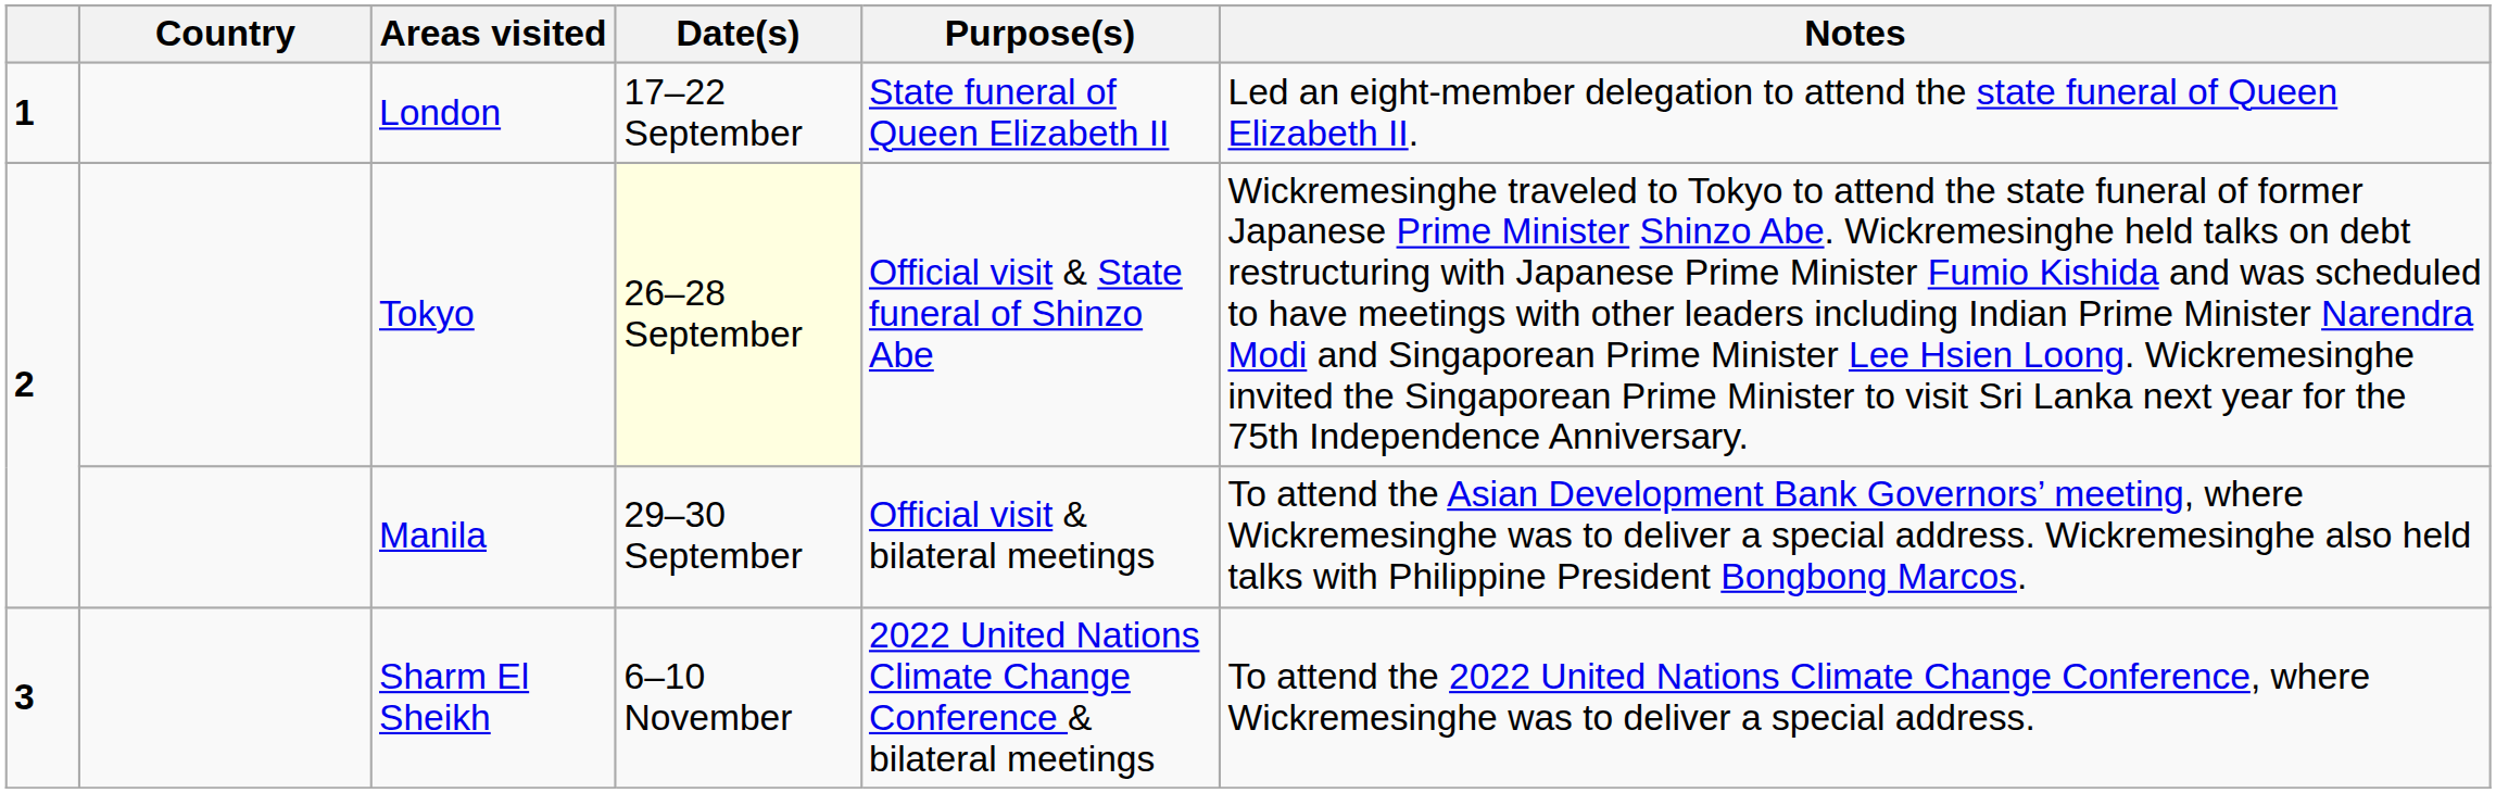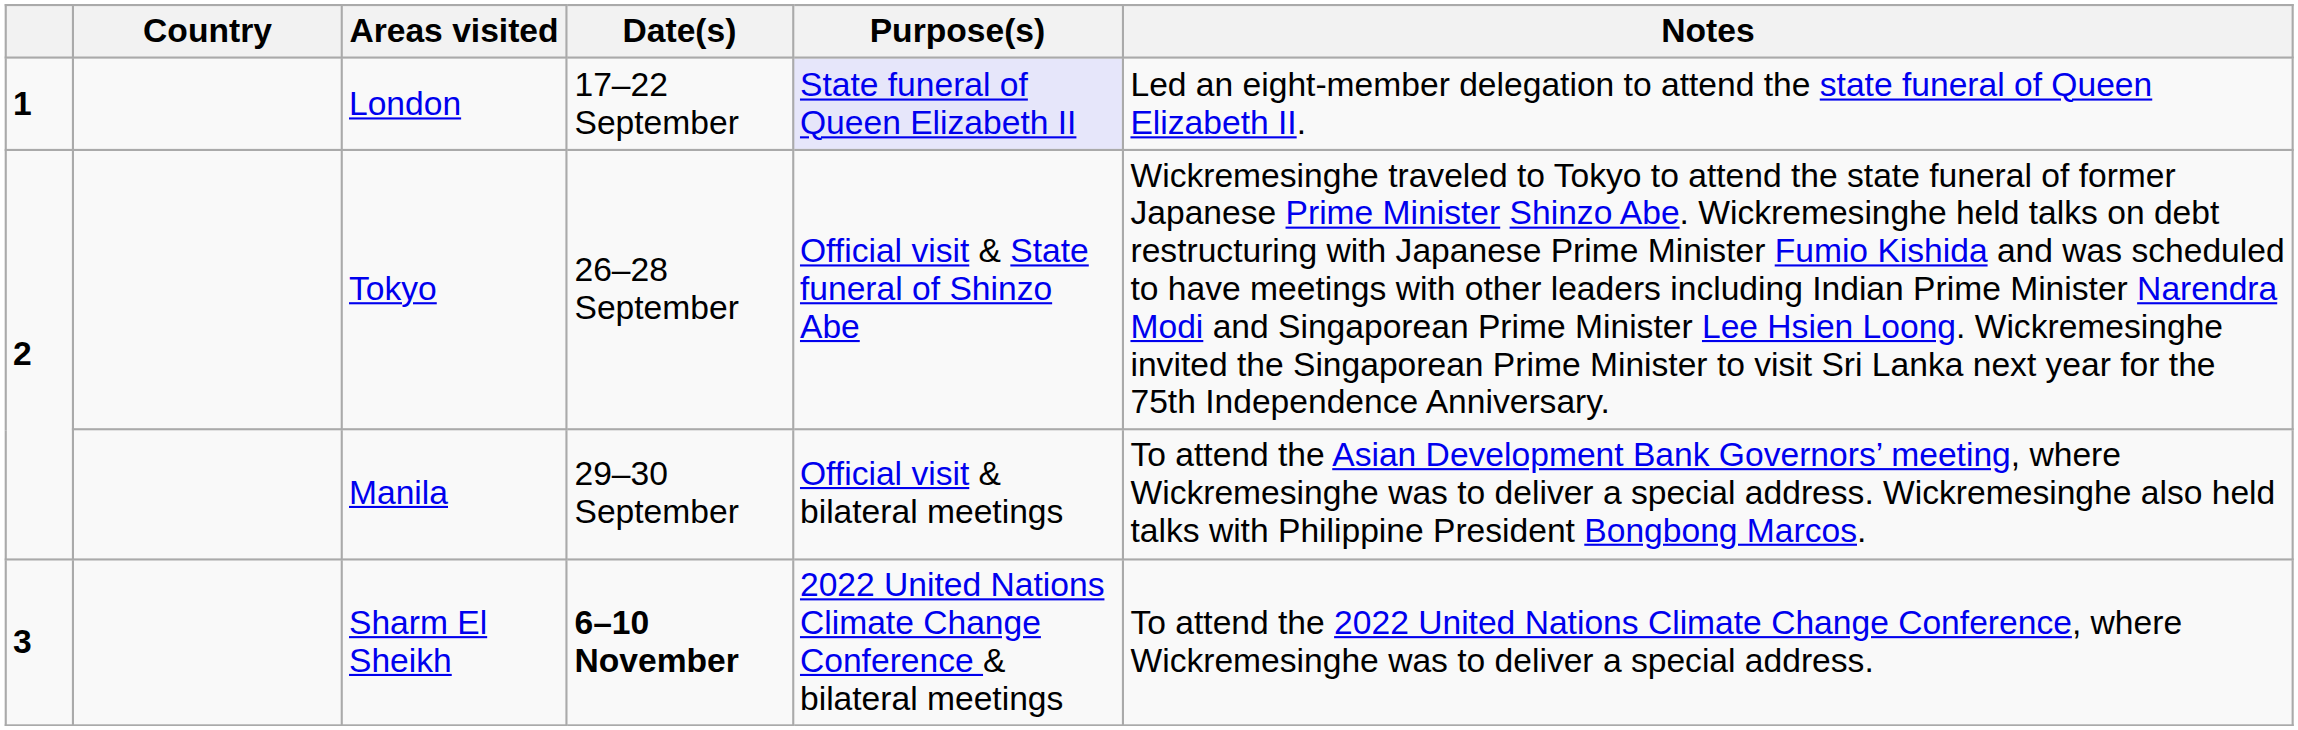 <table class="wikitable outercollapse sortable" style="margin: 1em auto 1em auto">
 <tr>
 <th style="width: 3%;"></th>
 <th width=120>Country</th>
 <th width=100>Areas visited</th>
 <th width=100>Date(s)</th>
 <th width=150>Purpose(s)</th>
 <th width=550>Notes</th>
 </tr>
 <tr>
 <td rowspan=1><strong>1</strong></td>
 <td></td>
 <td><a href='#'>London</a></td>
 <td>17–22 September</td>
-<td><a href='#'>State funeral of Queen Elizabeth II</a></td>
+<td style="background: lavender;"><a href='#'>State funeral of Queen Elizabeth II</a></td>
 <td> Led an eight-member delegation to attend the <a href='#'>state funeral of Queen Elizabeth II</a>.</td>
 </tr>
 <tr>
 <td rowspan=2><strong>2</strong></td>
 <td></td>
 <td><a href='#'>Tokyo</a></td>
-<td style="background: lightyellow;">26–28 September</td>
+<td>26–28 September</td>
 <td><a href='#'>Official visit</a> & <a href='#'>State funeral of Shinzo Abe</a></td>
 <td> Wickremesinghe traveled to Tokyo to attend the state funeral of former Japanese <a href='#'>Prime Minister</a> <a href='#'>Shinzo Abe</a>. Wickremesinghe held talks on debt restructuring with Japanese Prime Minister <a href='#'>Fumio Kishida</a> and was scheduled to have meetings with other leaders including Indian Prime Minister <a href='#'>Narendra Modi</a> and Singaporean Prime Minister <a href='#'>Lee Hsien Loong</a>. Wickremesinghe invited the Singaporean Prime Minister to visit Sri Lanka next year for the 75th Independence Anniversary.</td>
 </tr>
 <tr>
 <td></td>
 <td><a href='#'>Manila</a></td>
 <td>29–30 September</td>
 <td><a href='#'>Official visit</a> & bilateral meetings</td>
 <td> To attend the <a href='#'>Asian Development Bank Governors’ meeting</a>, where Wickremesinghe was to deliver a special address. Wickremesinghe also held talks with Philippine President <a href='#'>Bongbong Marcos</a>.</td>
 </tr>
 <tr>
 <td><strong>3</strong></td>
 <td></td>
 <td><a href='#'>Sharm El Sheikh</a></td>
-<td>6–10 November</td>
+<td><strong>6–10 November</strong></td>
 <td><a href='#'>2022 United Nations Climate Change Conference </a>& bilateral meetings</td>
 <td>To attend the <a href='#'>2022 United Nations Climate Change Conference</a>, where Wickremesinghe was to deliver a special address.</td>
 </tr>
 </table>
